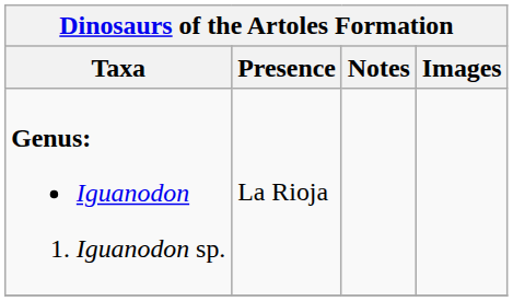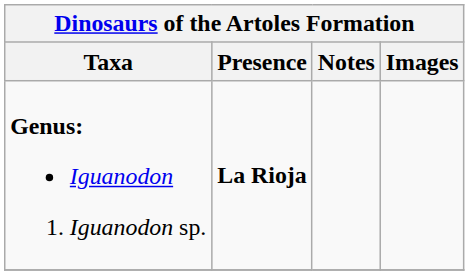 <table class="wikitable" align="center">
 <tr>
 <th colspan="5" align="center"><strong><a href='#'>Dinosaurs</a> of the Artoles Formation</strong></th>
 </tr>
 <tr>
 <th>Taxa</th>
 <th>Presence</th>
 <th>Notes</th>
 <th>Images</th>
 </tr>
 <tr>
 <td><br><strong>Genus:</strong><ul><li><em><a href='#'>Iguanodon</a></em></li></ul><ol><li><em>Iguanodon</em> sp.</li></ol></td>
-<td>La Rioja</td>
+<td><strong>La Rioja</strong></td>
 <td></td>
 <td></td>
 </tr>
 <tr>
 </tr>
 </table>
